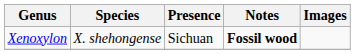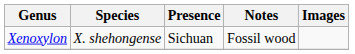 <table class="wikitable" align="center">
 <tr>
 <th>Genus</th>
 <th>Species</th>
 <th>Presence</th>
 <th>Notes</th>
 <th>Images</th>
 </tr>
 <tr>
 <td><em><a href='#'>Xenoxylon</a></em></td>
 <td><em>X. shehongense</em></td>
 <td>Sichuan</td>
-<td><strong>Fossil wood</strong></td>
+<td>Fossil wood</td>
 <td></td>
 </tr>
 <tr>
 </tr>
 </table>
